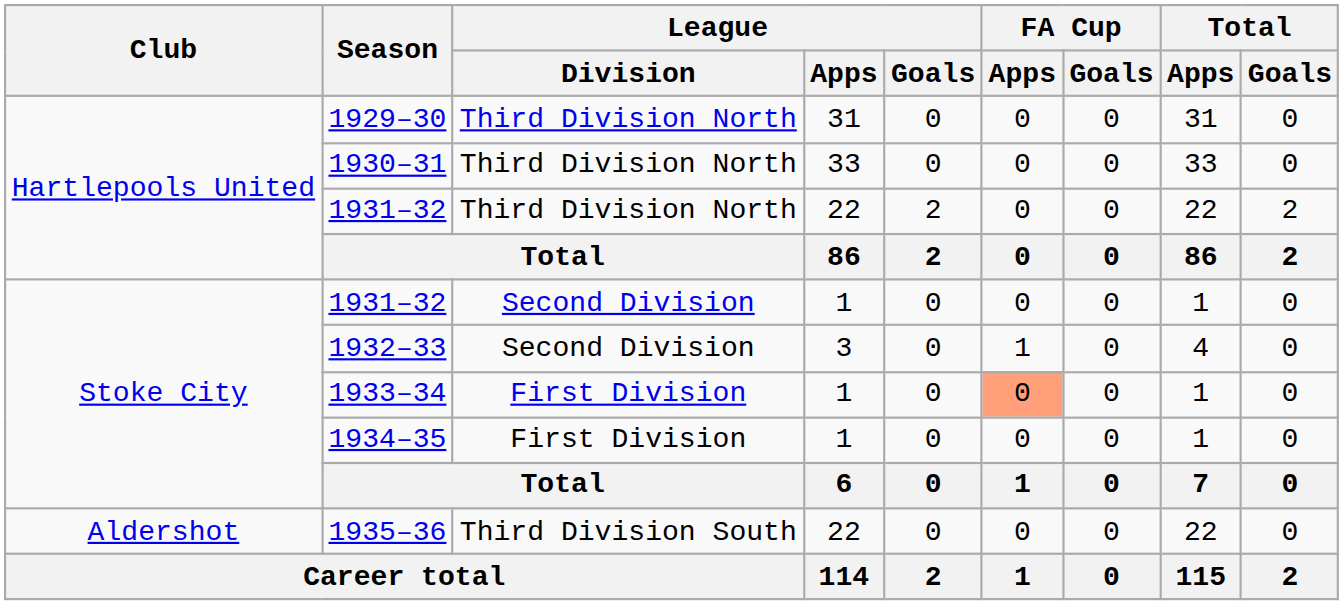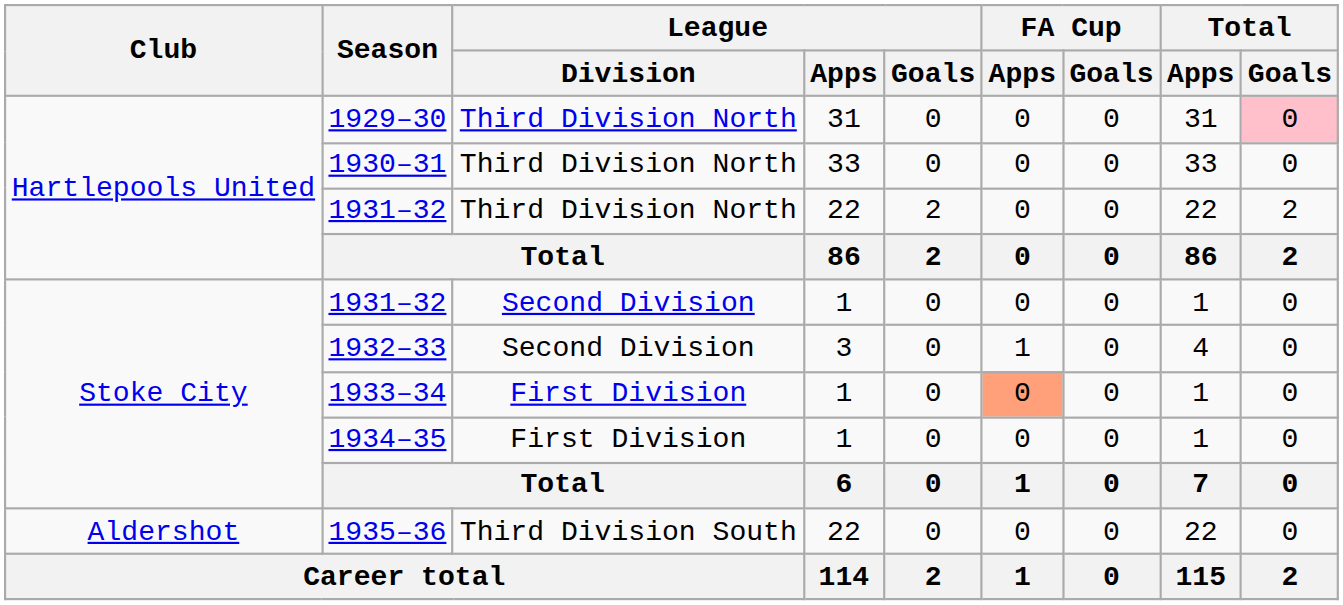 <table class="wikitable" style="text-align: center;">
 <tr>
 <th rowspan="2">Club</th>
 <th rowspan="2">Season</th>
 <th colspan="3">League</th>
 <th colspan="2">FA Cup</th>
 <th colspan="2">Total</th>
 </tr>
 <tr>
 <th>Division</th>
 <th>Apps</th>
 <th>Goals</th>
 <th>Apps</th>
 <th>Goals</th>
 <th>Apps</th>
 <th>Goals</th>
 </tr>
 <tr>
 <td rowspan="4"><a href='#'>Hartlepools United</a></td>
 <td><a href='#'>1929–30</a></td>
 <td><a href='#'>Third Division North</a></td>
 <td>31</td>
 <td>0</td>
 <td>0</td>
 <td>0</td>
 <td>31</td>
-<td>0</td>
+<td style="background: pink;">0</td>
 </tr>
 <tr>
 <td><a href='#'>1930–31</a></td>
 <td>Third Division North</td>
 <td>33</td>
 <td>0</td>
 <td>0</td>
 <td>0</td>
 <td>33</td>
 <td>0</td>
 </tr>
 <tr>
 <td><a href='#'>1931–32</a></td>
 <td>Third Division North</td>
 <td>22</td>
 <td>2</td>
 <td>0</td>
 <td>0</td>
 <td>22</td>
 <td>2</td>
 </tr>
 <tr>
 <th colspan=2>Total</th>
 <th>86</th>
 <th>2</th>
 <th>0</th>
 <th>0</th>
 <th>86</th>
 <th>2</th>
 </tr>
 <tr>
 <td rowspan="5"><a href='#'>Stoke City</a></td>
 <td><a href='#'>1931–32</a></td>
 <td><a href='#'>Second Division</a></td>
 <td>1</td>
 <td>0</td>
 <td>0</td>
 <td>0</td>
 <td>1</td>
 <td>0</td>
 </tr>
 <tr>
 <td><a href='#'>1932–33</a></td>
 <td>Second Division</td>
 <td>3</td>
 <td>0</td>
 <td>1</td>
 <td>0</td>
 <td>4</td>
 <td>0</td>
 </tr>
 <tr>
 <td><a href='#'>1933–34</a></td>
 <td><a href='#'>First Division</a></td>
 <td>1</td>
 <td>0</td>
 <td style="background: lightsalmon;">0</td>
 <td>0</td>
 <td>1</td>
 <td>0</td>
 </tr>
 <tr>
 <td><a href='#'>1934–35</a></td>
 <td>First Division</td>
 <td>1</td>
 <td>0</td>
 <td>0</td>
 <td>0</td>
 <td>1</td>
 <td>0</td>
 </tr>
 <tr>
 <th colspan=2>Total</th>
 <th>6</th>
 <th>0</th>
 <th>1</th>
 <th>0</th>
 <th>7</th>
 <th>0</th>
 </tr>
 <tr>
 <td><a href='#'>Aldershot</a></td>
 <td><a href='#'>1935–36</a></td>
 <td>Third Division South</td>
 <td>22</td>
 <td>0</td>
 <td>0</td>
 <td>0</td>
 <td>22</td>
 <td>0</td>
 </tr>
 <tr>
 <th colspan="3">Career total</th>
 <th>114</th>
 <th>2</th>
 <th>1</th>
 <th>0</th>
 <th>115</th>
 <th>2</th>
 </tr>
 </table>
